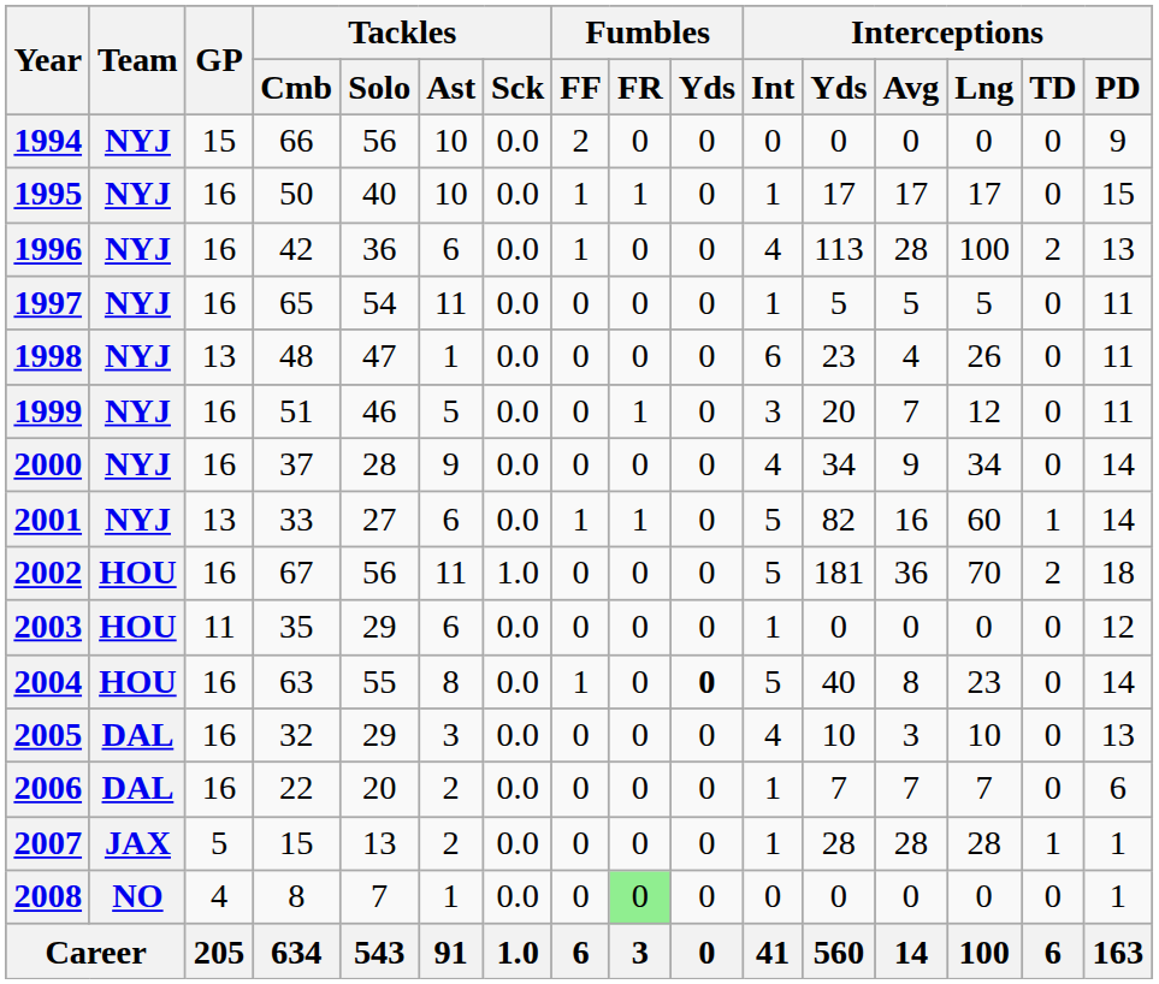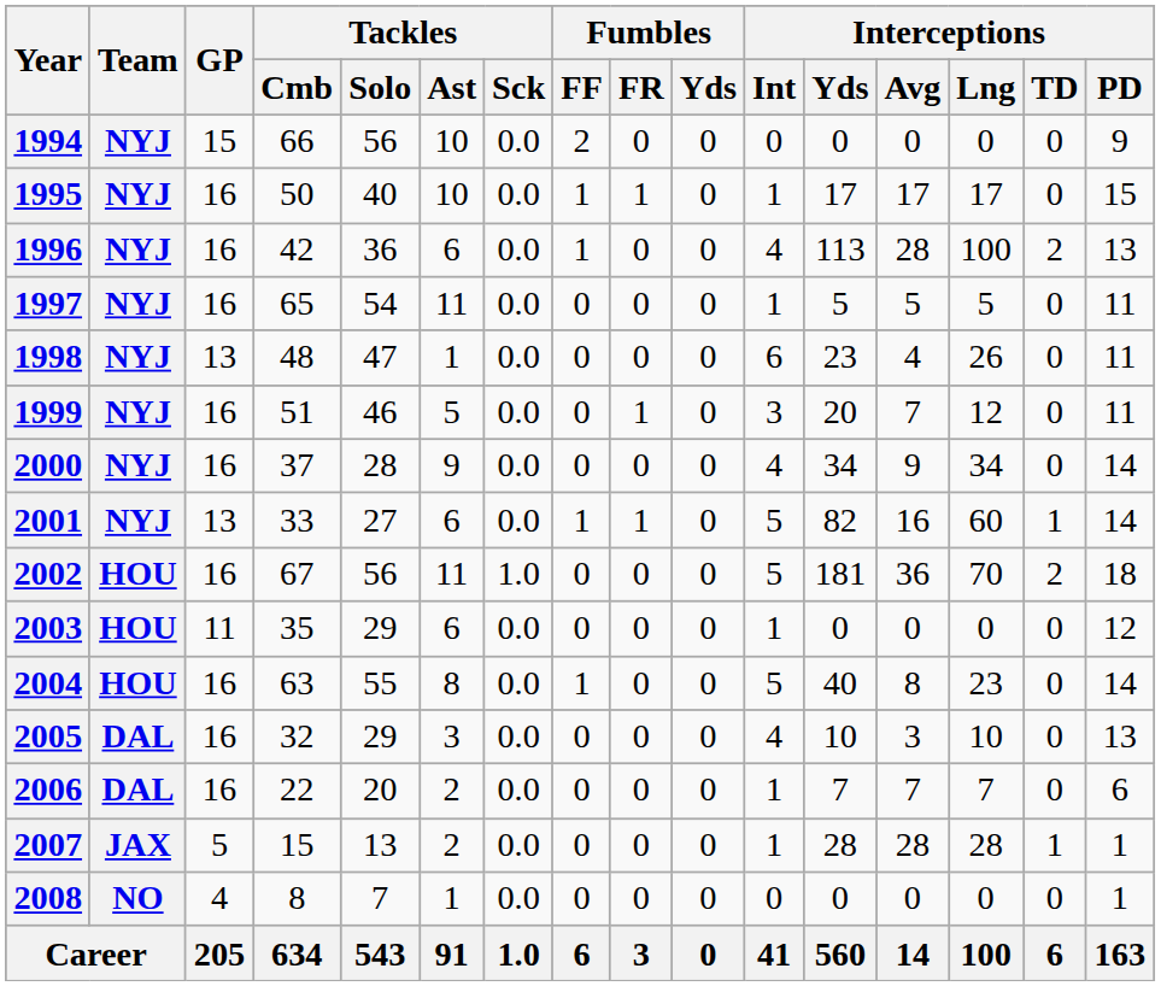 <table class="wikitable" style="text-align: center;">
 <tr>
 <th rowspan="2">Year</th>
 <th rowspan="2">Team</th>
 <th rowspan="2">GP</th>
 <th colspan="4">Tackles</th>
 <th colspan="3">Fumbles</th>
 <th colspan="6">Interceptions</th>
 </tr>
 <tr>
 <th>Cmb</th>
 <th>Solo</th>
 <th>Ast</th>
 <th>Sck</th>
 <th>FF</th>
 <th>FR</th>
 <th>Yds</th>
 <th>Int</th>
 <th>Yds</th>
 <th>Avg</th>
 <th>Lng</th>
 <th>TD</th>
 <th>PD</th>
 </tr>
 <tr>
 <th><a href='#'>1994</a></th>
 <th><a href='#'>NYJ</a></th>
 <td>15</td>
 <td>66</td>
 <td>56</td>
 <td>10</td>
 <td>0.0</td>
 <td>2</td>
 <td>0</td>
 <td>0</td>
 <td>0</td>
 <td>0</td>
 <td>0</td>
 <td>0</td>
 <td>0</td>
 <td>9</td>
 </tr>
 <tr>
 <th><a href='#'>1995</a></th>
 <th><a href='#'>NYJ</a></th>
 <td>16</td>
 <td>50</td>
 <td>40</td>
 <td>10</td>
 <td>0.0</td>
 <td>1</td>
 <td>1</td>
 <td>0</td>
 <td>1</td>
 <td>17</td>
 <td>17</td>
 <td>17</td>
 <td>0</td>
 <td>15</td>
 </tr>
 <tr>
 <th><a href='#'>1996</a></th>
 <th><a href='#'>NYJ</a></th>
 <td>16</td>
 <td>42</td>
 <td>36</td>
 <td>6</td>
 <td>0.0</td>
 <td>1</td>
 <td>0</td>
 <td>0</td>
 <td>4</td>
 <td>113</td>
 <td>28</td>
 <td>100</td>
 <td>2</td>
 <td>13</td>
 </tr>
 <tr>
 <th><a href='#'>1997</a></th>
 <th><a href='#'>NYJ</a></th>
 <td>16</td>
 <td>65</td>
 <td>54</td>
 <td>11</td>
 <td>0.0</td>
 <td>0</td>
 <td>0</td>
 <td>0</td>
 <td>1</td>
 <td>5</td>
 <td>5</td>
 <td>5</td>
 <td>0</td>
 <td>11</td>
 </tr>
 <tr>
 <th><a href='#'>1998</a></th>
 <th><a href='#'>NYJ</a></th>
 <td>13</td>
 <td>48</td>
 <td>47</td>
 <td>1</td>
 <td>0.0</td>
 <td>0</td>
 <td>0</td>
 <td>0</td>
 <td>6</td>
 <td>23</td>
 <td>4</td>
 <td>26</td>
 <td>0</td>
 <td>11</td>
 </tr>
 <tr>
 <th><a href='#'>1999</a></th>
 <th><a href='#'>NYJ</a></th>
 <td>16</td>
 <td>51</td>
 <td>46</td>
 <td>5</td>
 <td>0.0</td>
 <td>0</td>
 <td>1</td>
 <td>0</td>
 <td>3</td>
 <td>20</td>
 <td>7</td>
 <td>12</td>
 <td>0</td>
 <td>11</td>
 </tr>
 <tr>
 <th><a href='#'>2000</a></th>
 <th><a href='#'>NYJ</a></th>
 <td>16</td>
 <td>37</td>
 <td>28</td>
 <td>9</td>
 <td>0.0</td>
 <td>0</td>
 <td>0</td>
 <td>0</td>
 <td>4</td>
 <td>34</td>
 <td>9</td>
 <td>34</td>
 <td>0</td>
 <td>14</td>
 </tr>
 <tr>
 <th><a href='#'>2001</a></th>
 <th><a href='#'>NYJ</a></th>
 <td>13</td>
 <td>33</td>
 <td>27</td>
 <td>6</td>
 <td>0.0</td>
 <td>1</td>
 <td>1</td>
 <td>0</td>
 <td>5</td>
 <td>82</td>
 <td>16</td>
 <td>60</td>
 <td>1</td>
 <td>14</td>
 </tr>
 <tr>
 <th><a href='#'>2002</a></th>
 <th><a href='#'>HOU</a></th>
 <td>16</td>
 <td>67</td>
 <td>56</td>
 <td>11</td>
 <td>1.0</td>
 <td>0</td>
 <td>0</td>
 <td>0</td>
 <td>5</td>
 <td>181</td>
 <td>36</td>
 <td>70</td>
 <td>2</td>
 <td>18</td>
 </tr>
 <tr>
 <th><a href='#'>2003</a></th>
 <th><a href='#'>HOU</a></th>
 <td>11</td>
 <td>35</td>
 <td>29</td>
 <td>6</td>
 <td>0.0</td>
 <td>0</td>
 <td>0</td>
 <td>0</td>
 <td>1</td>
 <td>0</td>
 <td>0</td>
 <td>0</td>
 <td>0</td>
 <td>12</td>
 </tr>
 <tr>
 <th><a href='#'>2004</a></th>
 <th><a href='#'>HOU</a></th>
 <td>16</td>
 <td>63</td>
 <td>55</td>
 <td>8</td>
 <td>0.0</td>
 <td>1</td>
 <td>0</td>
-<td><strong>0</strong></td>
+<td>0</td>
 <td>5</td>
 <td>40</td>
 <td>8</td>
 <td>23</td>
 <td>0</td>
 <td>14</td>
 </tr>
 <tr>
 <th><a href='#'>2005</a></th>
 <th><a href='#'>DAL</a></th>
 <td>16</td>
 <td>32</td>
 <td>29</td>
 <td>3</td>
 <td>0.0</td>
 <td>0</td>
 <td>0</td>
 <td>0</td>
 <td>4</td>
 <td>10</td>
 <td>3</td>
 <td>10</td>
 <td>0</td>
 <td>13</td>
 </tr>
 <tr>
 <th><a href='#'>2006</a></th>
 <th><a href='#'>DAL</a></th>
 <td>16</td>
 <td>22</td>
 <td>20</td>
 <td>2</td>
 <td>0.0</td>
 <td>0</td>
 <td>0</td>
 <td>0</td>
 <td>1</td>
 <td>7</td>
 <td>7</td>
 <td>7</td>
 <td>0</td>
 <td>6</td>
 </tr>
 <tr>
 <th><a href='#'>2007</a></th>
 <th><a href='#'>JAX</a></th>
 <td>5</td>
 <td>15</td>
 <td>13</td>
 <td>2</td>
 <td>0.0</td>
 <td>0</td>
 <td>0</td>
 <td>0</td>
 <td>1</td>
 <td>28</td>
 <td>28</td>
 <td>28</td>
 <td>1</td>
 <td>1</td>
 </tr>
 <tr>
 <th><a href='#'>2008</a></th>
 <th><a href='#'>NO</a></th>
 <td>4</td>
 <td>8</td>
 <td>7</td>
 <td>1</td>
 <td>0.0</td>
 <td>0</td>
-<td style="background: lightgreen;">0</td>
+<td>0</td>
 <td>0</td>
 <td>0</td>
 <td>0</td>
 <td>0</td>
 <td>0</td>
 <td>0</td>
 <td>1</td>
 </tr>
 <tr>
 <th colspan="2">Career</th>
 <th>205</th>
 <th>634</th>
 <th>543</th>
 <th>91</th>
 <th>1.0</th>
 <th>6</th>
 <th>3</th>
 <th>0</th>
 <th>41</th>
 <th>560</th>
 <th>14</th>
 <th>100</th>
 <th>6</th>
 <th>163</th>
 </tr>
 </table>
